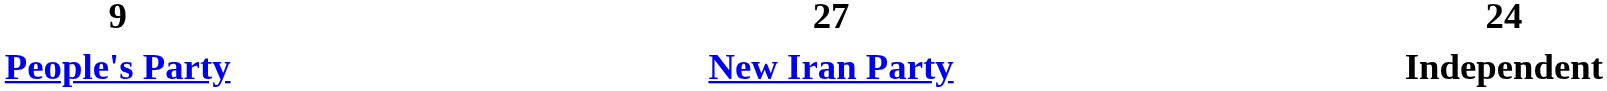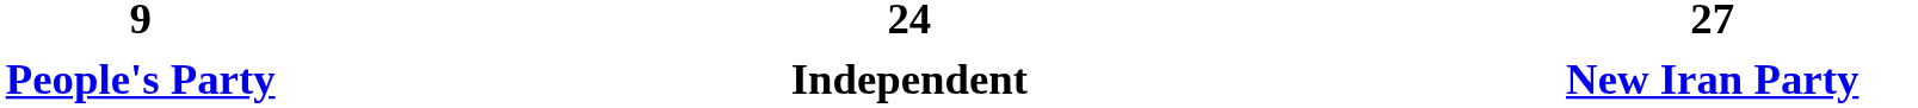 <table style="width:70%; text-align:center;">
 <tr>
 <td style="background:"><strong>9</strong></td>
+<td style="background:"><strong>24</strong></td>
 <td style="background:"><strong>27</strong></td>
-<td style="background:"><strong>24</strong></td>
 </tr>
 <tr>
 <td><strong><a href='#'>People's Party</a></strong></td>
+<td><strong>Independent</strong></td>
 <td><strong><a href='#'>New Iran Party</a></strong></td>
-<td><strong>Independent</strong></td>
 </tr>
 </table>
